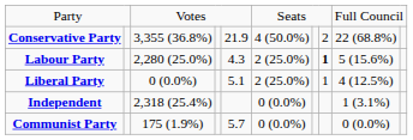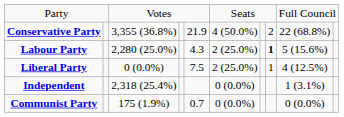 <table class=wikitable style="text-align:center;">
 <tr>
 <td colspan=2>Party</td>
 <td colspan=3>Votes</td>
 <td colspan=3>Seats</td>
 <td colspan=3>Full Council</td>
 </tr>
 <tr>
 <td><strong><a href='#'>Conservative Party</a></strong></td>
 <td style="background:"></td>
 <td>3,355 (36.8%)</td>
 <td></td>
 <td> 21.9</td>
 <td>4 (50.0%)</td>
 <td></td>
 <td> 2</td>
 <td>22 (68.8%)</td>
 <td></td>
 </tr>
 <tr>
 <td><strong><a href='#'>Labour Party</a></strong></td>
 <td style="background:"></td>
 <td>2,280 (25.0%)</td>
 <td></td>
 <td> 4.3</td>
 <td>2 (25.0%)</td>
 <td></td>
 <td><strong> 1</strong></td>
 <td>5 (15.6%)</td>
 <td></td>
 </tr>
 <tr>
 <td><strong><a href='#'>Liberal Party</a></strong></td>
 <td style="background:"></td>
 <td>0 (0.0%)</td>
 <td></td>
-<td> 5.1</td>
+<td> 7.5</td>
 <td>2 (25.0%)</td>
 <td></td>
 <td> 1</td>
 <td>4 (12.5%)</td>
 <td></td>
 </tr>
 <tr>
 <td><strong><a href='#'>Independent</a></strong></td>
 <td style="background:"></td>
 <td>2,318 (25.4%)</td>
 <td></td>
 <td></td>
 <td>0 (0.0%)</td>
 <td></td>
 <td></td>
 <td>1 (3.1%)</td>
 <td></td>
 </tr>
 <tr>
 <td><strong><a href='#'>Communist Party</a></strong></td>
 <td style="background:"></td>
 <td>175 (1.9%)</td>
 <td></td>
-<td> 5.7</td>
+<td> 0.7</td>
 <td>0 (0.0%)</td>
 <td></td>
 <td></td>
 <td>0 (0.0%)</td>
 <td></td>
 </tr>
 </table>
